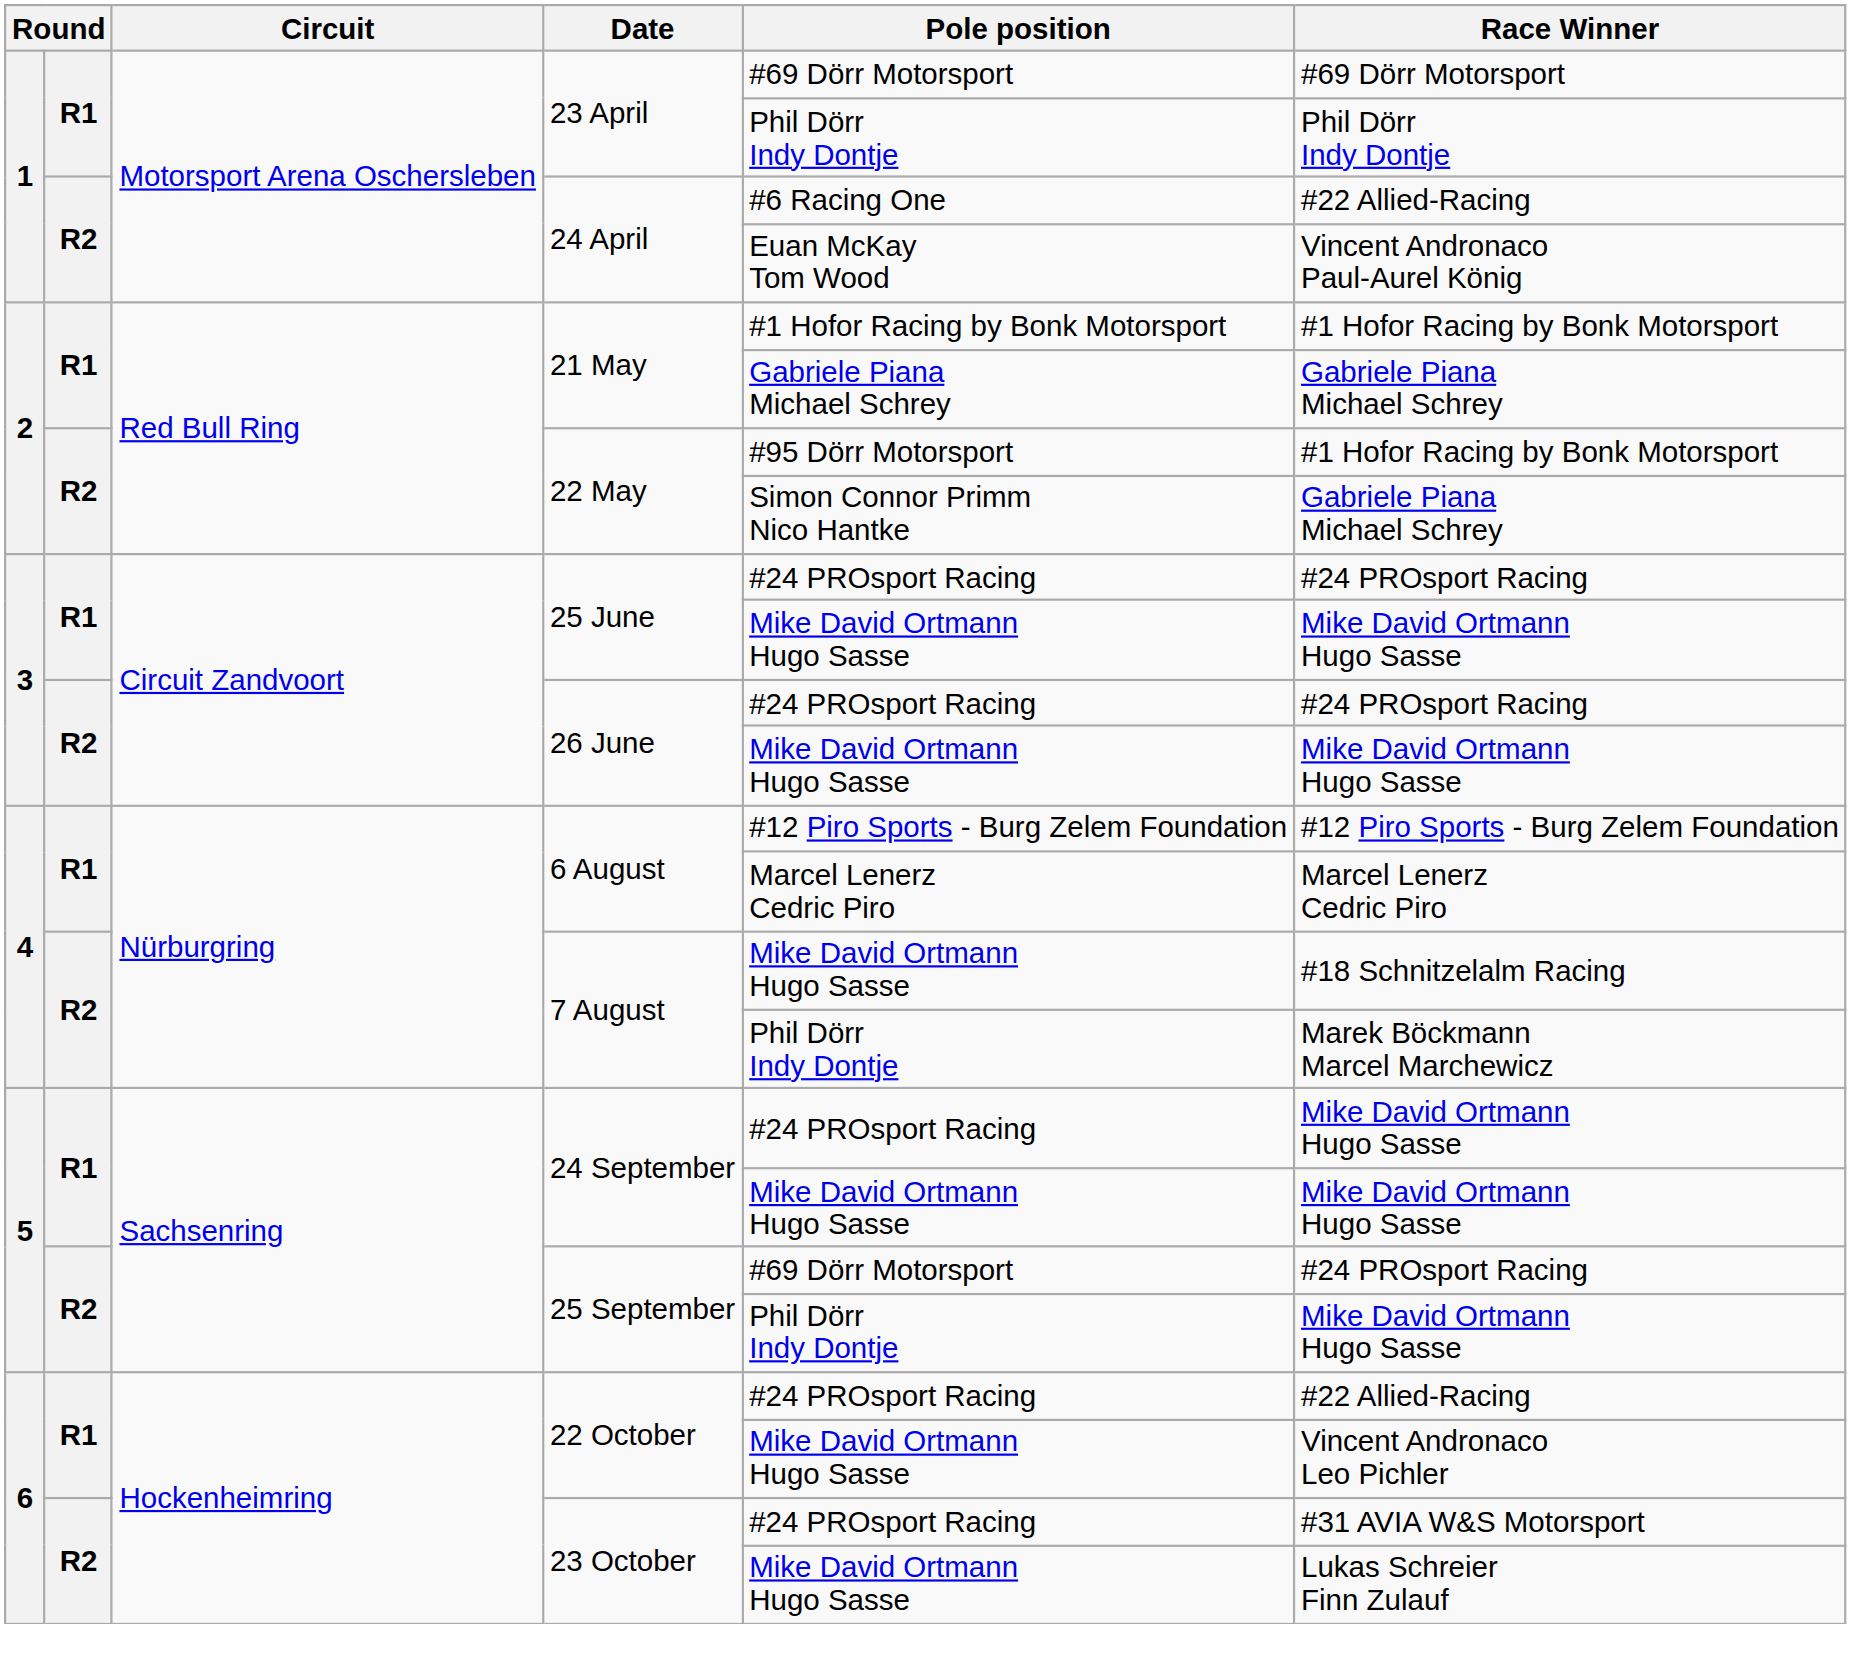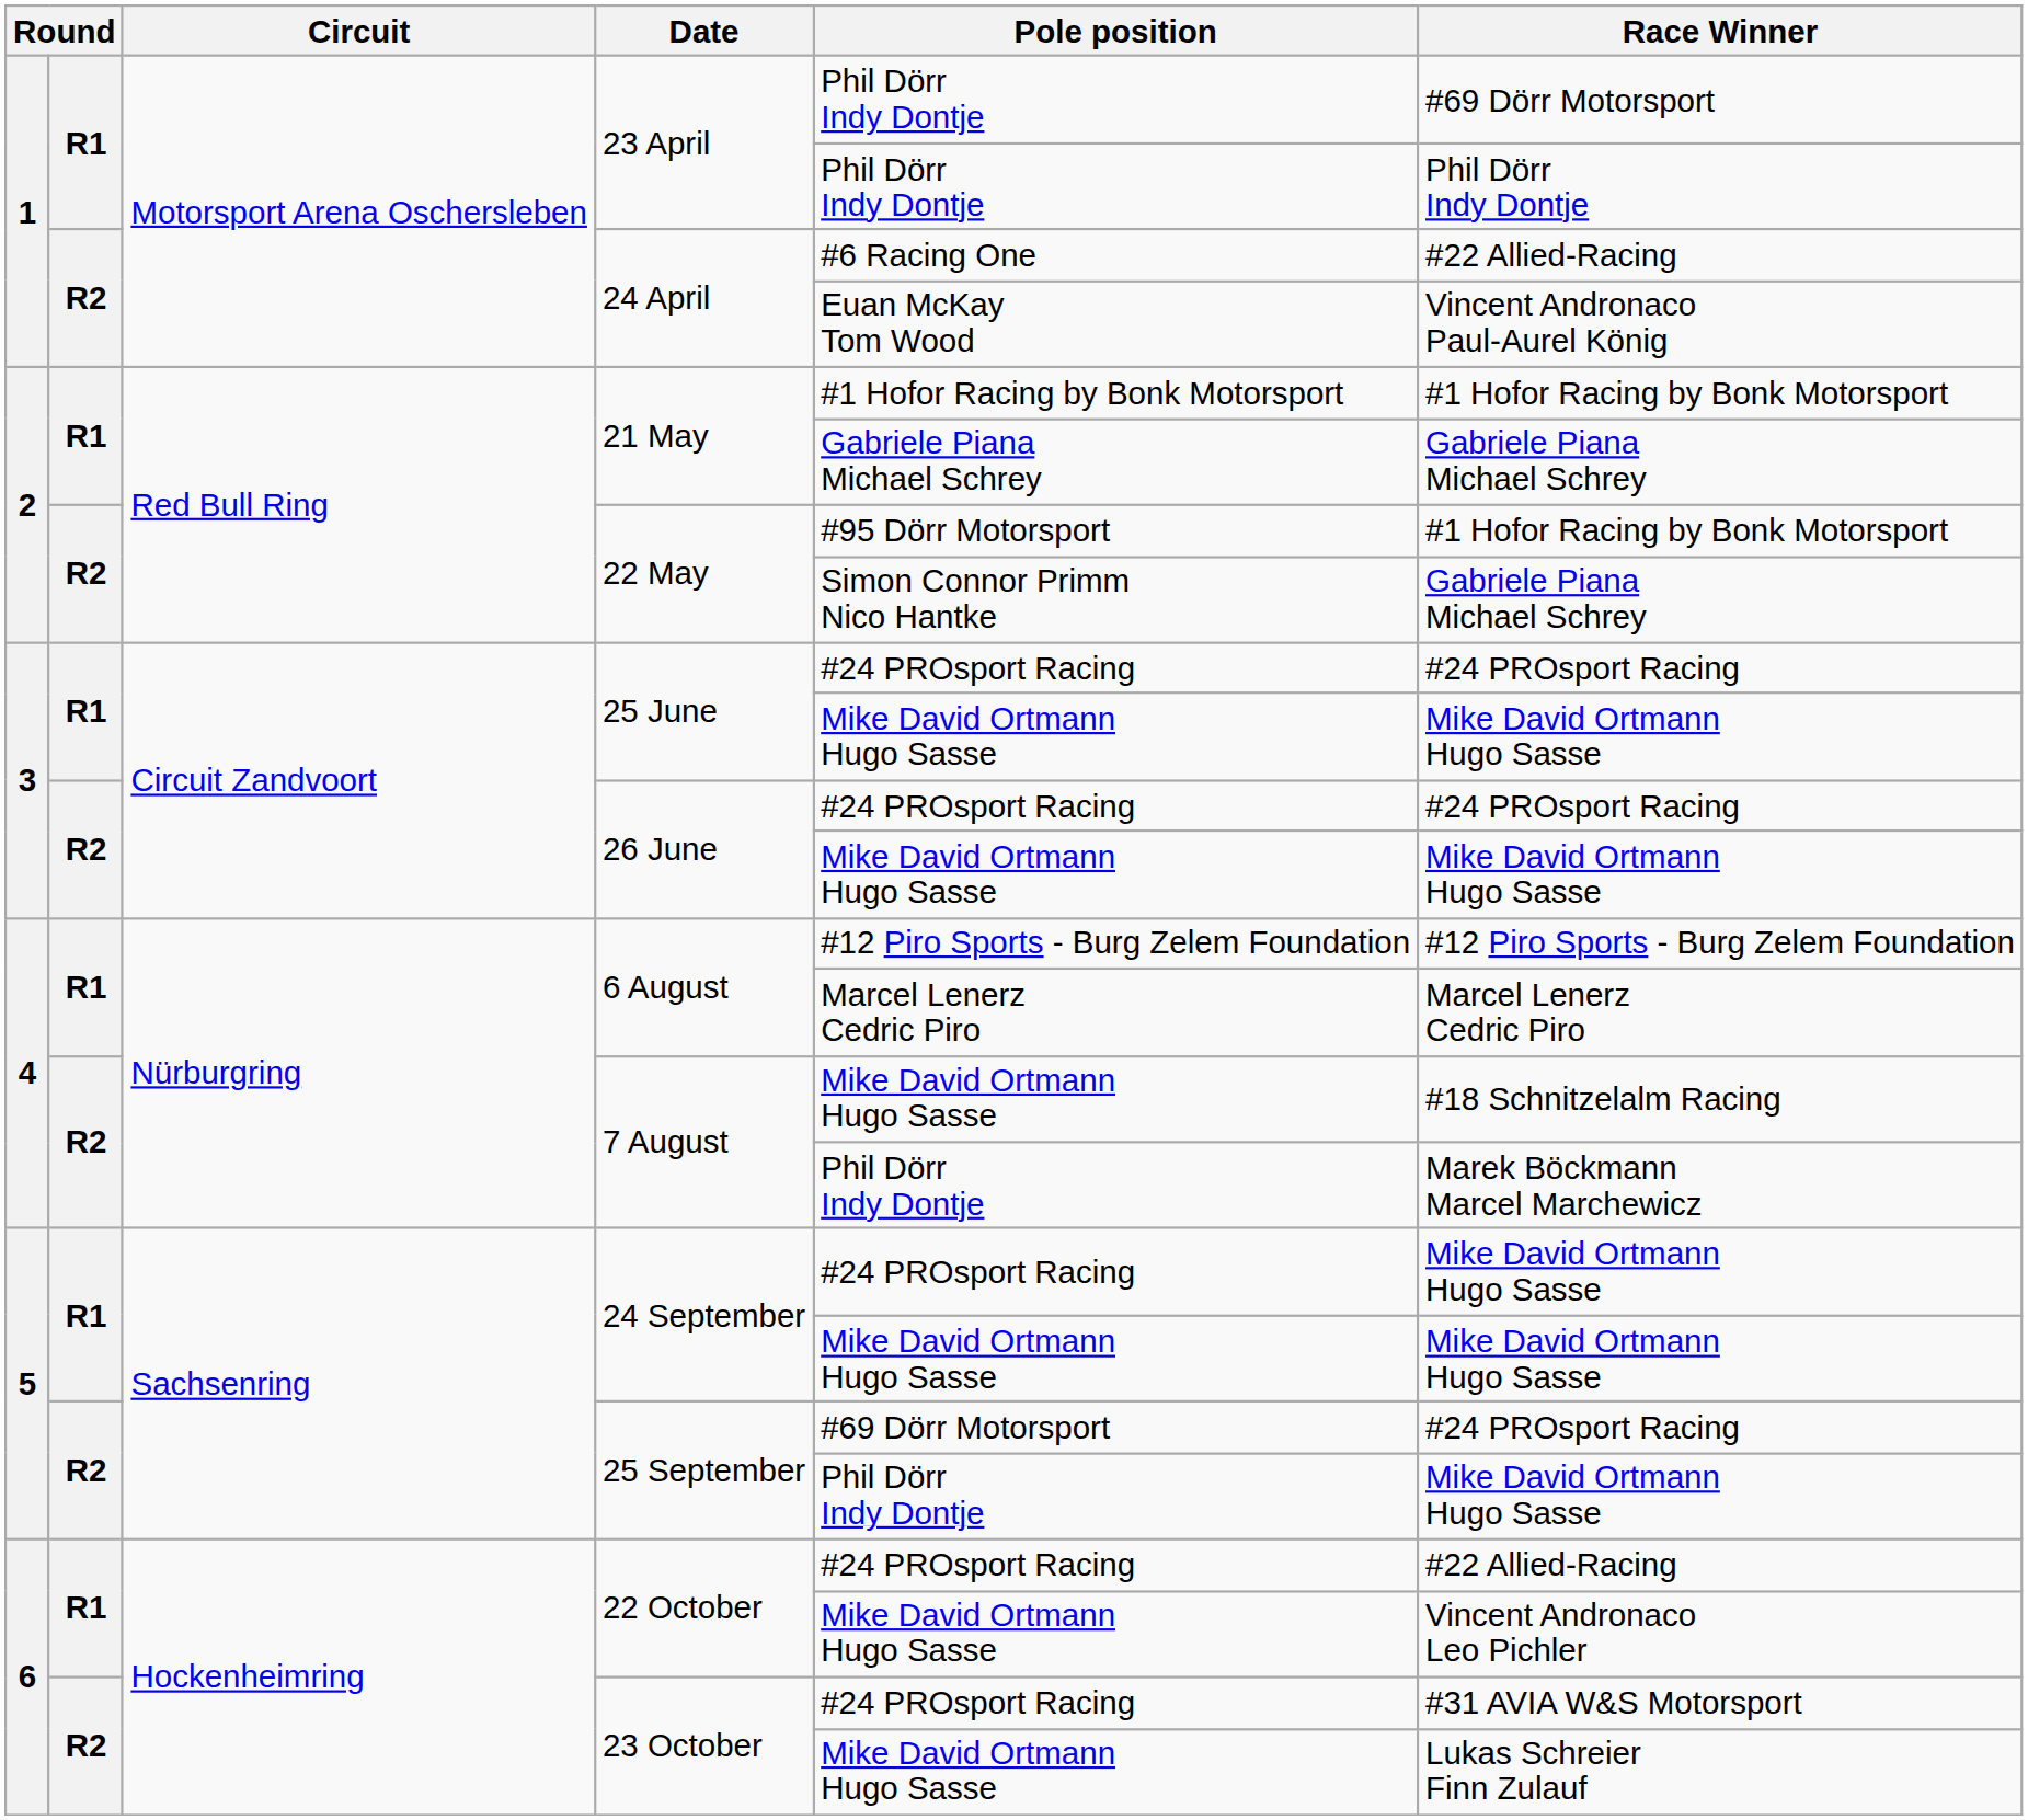 <table class="wikitable" style="font-size: 85%;">
 <tr>
 <th colspan=2>Round</th>
 <th>Circuit</th>
 <th>Date</th>
 <th>Pole position</th>
 <th>Race Winner</th>
 </tr>
 <tr>
 <th rowspan=4>1</th>
 <th rowspan=2>R1</th>
 <td rowspan=4> <a href='#'>Motorsport Arena Oschersleben</a></td>
 <td rowspan=2>23 April</td>
-<td> #69 Dörr Motorsport</td>
+<td> Phil Dörr<br> <a href='#'>Indy Dontje</a></td>
 <td> #69 Dörr Motorsport</td>
 </tr>
 <tr>
 <td> Phil Dörr<br> <a href='#'>Indy Dontje</a></td>
 <td> Phil Dörr<br> <a href='#'>Indy Dontje</a></td>
 </tr>
 <tr>
 <th rowspan=2>R2</th>
 <td rowspan=2>24 April</td>
 <td> #6 Racing One</td>
 <td> #22 Allied-Racing</td>
 </tr>
 <tr>
 <td> Euan McKay<br> Tom Wood</td>
 <td> Vincent Andronaco<br> Paul-Aurel König</td>
 </tr>
 <tr>
 <th rowspan=4>2</th>
 <th rowspan=2>R1</th>
 <td rowspan=4> <a href='#'>Red Bull Ring</a></td>
 <td rowspan=2>21 May</td>
 <td> #1 Hofor Racing by Bonk Motorsport</td>
 <td> #1 Hofor Racing by Bonk Motorsport</td>
 </tr>
 <tr>
 <td> <a href='#'>Gabriele Piana</a><br> Michael Schrey</td>
 <td> <a href='#'>Gabriele Piana</a><br> Michael Schrey</td>
 </tr>
 <tr>
 <th rowspan=2>R2</th>
 <td rowspan=2>22 May</td>
 <td> #95 Dörr Motorsport</td>
 <td> #1 Hofor Racing by Bonk Motorsport</td>
 </tr>
 <tr>
 <td> Simon Connor Primm<br> Nico Hantke</td>
 <td> <a href='#'>Gabriele Piana</a><br> Michael Schrey</td>
 </tr>
 <tr>
 <th rowspan=4>3</th>
 <th rowspan=2>R1</th>
 <td rowspan=4> <a href='#'>Circuit Zandvoort</a></td>
 <td rowspan=2>25 June</td>
 <td> #24 PROsport Racing</td>
 <td> #24 PROsport Racing</td>
 </tr>
 <tr>
 <td> <a href='#'>Mike David Ortmann</a><br> Hugo Sasse</td>
 <td> <a href='#'>Mike David Ortmann</a><br> Hugo Sasse</td>
 </tr>
 <tr>
 <th rowspan=2>R2</th>
 <td rowspan=2>26 June</td>
 <td> #24 PROsport Racing</td>
 <td> #24 PROsport Racing</td>
 </tr>
 <tr>
 <td> <a href='#'>Mike David Ortmann</a><br> Hugo Sasse</td>
 <td> <a href='#'>Mike David Ortmann</a><br> Hugo Sasse</td>
 </tr>
 <tr>
 <th rowspan=4>4</th>
 <th rowspan=2>R1</th>
 <td rowspan=4> <a href='#'>Nürburgring</a></td>
 <td rowspan=2>6 August</td>
 <td> #12 <a href='#'>Piro Sports</a> - Burg Zelem Foundation</td>
 <td> #12 <a href='#'>Piro Sports</a> - Burg Zelem Foundation</td>
 </tr>
 <tr>
 <td> Marcel Lenerz<br> Cedric Piro</td>
 <td> Marcel Lenerz<br> Cedric Piro</td>
 </tr>
 <tr>
 <th rowspan=2>R2</th>
 <td rowspan=2>7 August</td>
 <td> <a href='#'>Mike David Ortmann</a><br> Hugo Sasse</td>
 <td> #18 Schnitzelalm Racing</td>
 </tr>
 <tr>
 <td> Phil Dörr<br> <a href='#'>Indy Dontje</a></td>
 <td> Marek Böckmann<br> Marcel Marchewicz</td>
 </tr>
 <tr>
 <th rowspan=4>5</th>
 <th rowspan=2>R1</th>
 <td rowspan=4> <a href='#'>Sachsenring</a></td>
 <td rowspan=2>24 September</td>
 <td> #24 PROsport Racing</td>
 <td> <a href='#'>Mike David Ortmann</a><br> Hugo Sasse</td>
 </tr>
 <tr>
 <td> <a href='#'>Mike David Ortmann</a><br> Hugo Sasse</td>
 <td> <a href='#'>Mike David Ortmann</a><br> Hugo Sasse</td>
 </tr>
 <tr>
 <th rowspan=2>R2</th>
 <td rowspan=2>25 September</td>
 <td> #69 Dörr Motorsport</td>
 <td> #24 PROsport Racing</td>
 </tr>
 <tr>
 <td> Phil Dörr<br> <a href='#'>Indy Dontje</a></td>
 <td> <a href='#'>Mike David Ortmann</a><br> Hugo Sasse</td>
 </tr>
 <tr>
 <th rowspan=4>6</th>
 <th rowspan=2>R1</th>
 <td rowspan=4> <a href='#'>Hockenheimring</a></td>
 <td rowspan=2>22 October</td>
 <td> #24 PROsport Racing</td>
 <td> #22 Allied-Racing</td>
 </tr>
 <tr>
 <td> <a href='#'>Mike David Ortmann</a><br> Hugo Sasse</td>
 <td> Vincent Andronaco<br> Leo Pichler</td>
 </tr>
 <tr>
 <th rowspan=2>R2</th>
 <td rowspan=2>23 October</td>
 <td> #24 PROsport Racing</td>
 <td> #31 AVIA W&S Motorsport</td>
 </tr>
 <tr>
 <td> <a href='#'>Mike David Ortmann</a><br> Hugo Sasse</td>
 <td> Lukas Schreier<br> Finn Zulauf</td>
 </tr>
 </table>
